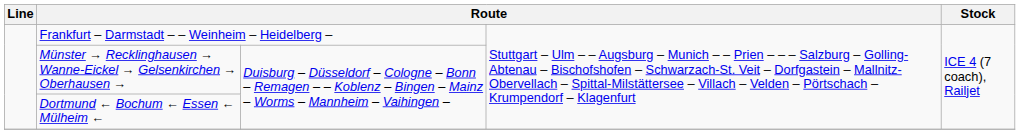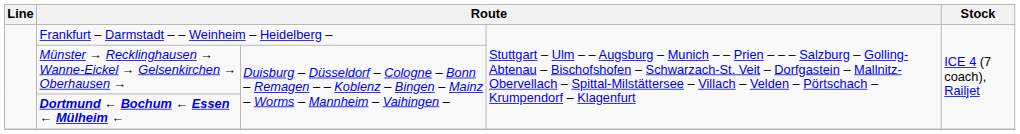 <table class="wikitable" width="100%">
 <tr>
 <th>Line</th>
 <th colspan="3">Route</th>
 <th>Stock</th>
 </tr>
 <tr>
 <td rowspan="3"></td>
 <td colspan="2"><a href='#'>Frankfurt</a> – <a href='#'>Darmstadt</a> –  – <a href='#'>Weinheim</a> – <a href='#'>Heidelberg</a> –</td>
 <td rowspan="3"><a href='#'>Stuttgart</a> – <a href='#'>Ulm</a> –  – <a href='#'>Augsburg</a> – <a href='#'>Munich</a> –   – <a href='#'>Prien</a> –  –  – <a href='#'>Salzburg</a> – <a href='#'>Golling-Abtenau</a> – <a href='#'>Bischofshofen</a> –  <a href='#'>Schwarzach-St. Veit</a> – <a href='#'>Dorfgastein</a> –   <a href='#'>Mallnitz-Obervellach</a> – <a href='#'>Spittal-Milstättersee</a> – <a href='#'>Villach</a> – <a href='#'>Velden</a> – <a href='#'>Pörtschach</a> – <a href='#'>Krumpendorf</a> – <a href='#'>Klagenfurt</a></td>
 <td rowspan="3"><a href='#'>ICE 4</a> (7 coach), <a href='#'>Railjet</a></td>
 </tr>
 <tr>
 <td><em><a href='#'>Münster</a> → <a href='#'>Recklinghausen</a> → <a href='#'>Wanne-Eickel</a> → <a href='#'>Gelsenkirchen</a> → <a href='#'>Oberhausen</a> →</em></td>
 <td rowspan="2"><em><a href='#'>Duisburg</a> – <a href='#'>Düsseldorf</a> – <a href='#'>Cologne</a> – <a href='#'>Bonn</a> – <a href='#'>Remagen</a> –  – <a href='#'>Koblenz</a> – <a href='#'>Bingen</a> – <a href='#'>Mainz</a> – <a href='#'>Worms</a> – <a href='#'>Mannheim</a> – <a href='#'>Vaihingen</a> –</em></td>
 </tr>
 <tr>
-<td><em><a href='#'>Dortmund</a> ← <a href='#'>Bochum</a> ← <a href='#'>Essen</a> ← <a href='#'>Mülheim</a> ←</em></td>
+<td><strong><em><a href='#'>Dortmund</a> ← <a href='#'>Bochum</a> ← <a href='#'>Essen</a> ← <a href='#'>Mülheim</a> ←</em></strong></td>
 </tr>
 <tr>
 </tr>
 </table>
